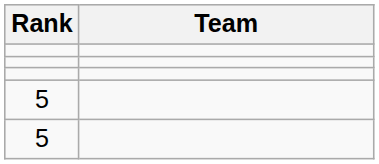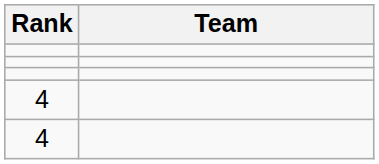 <table class="wikitable" style="text-align:center;">
 <tr>
 <th width=40>Rank</th>
 <th width=180>Team</th>
 </tr>
 <tr>
 <td></td>
 <td style="text-align:left;"></td>
 </tr>
 <tr>
 <td></td>
 <td style="text-align:left;"></td>
 </tr>
 <tr>
 <td></td>
 <td style="text-align:left;"></td>
 </tr>
 <tr>
-<td>5</td>
+<td>4</td>
 <td style="text-align:left;"></td>
 </tr>
 <tr>
-<td>5</td>
+<td>4</td>
 <td style="text-align:left;"></td>
 </tr>
 </table>
